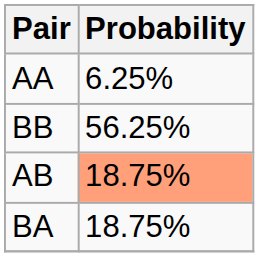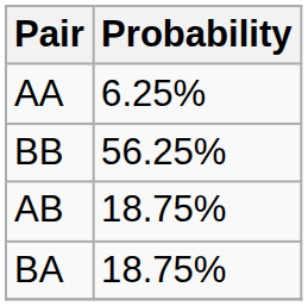 <table class="wikitable">
 <tr>
 <th>Pair</th>
 <th>Probability</th>
 </tr>
 <tr>
 <td>AA</td>
 <td>6.25%</td>
 </tr>
 <tr>
 <td>BB</td>
 <td>56.25%</td>
 </tr>
 <tr>
 <td>AB</td>
-<td style="background: lightsalmon;">18.75%</td>
+<td>18.75%</td>
 </tr>
 <tr>
 <td>BA</td>
 <td>18.75%</td>
 </tr>
 <tr>
 </tr>
 </table>
